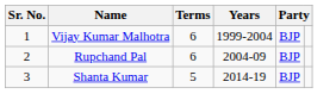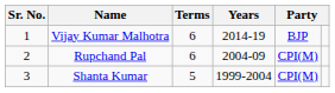 <table class="wikitable sortable">
 <tr>
 <th>Sr. No.</th>
 <th>Name</th>
 <th>Terms</th>
 <th>Years</th>
 <th colspan="2">Party</th>
 </tr>
 <tr align="center">
 <td>1</td>
 <td><a href='#'>Vijay Kumar Malhotra</a></td>
 <td>6</td>
-<td>1999-2004</td>
+<td>2014-19</td>
 <td><a href='#'>BJP</a></td>
 <td width="3px"></td>
 </tr>
 <tr align="center">
 <td>2</td>
 <td><a href='#'>Rupchand Pal</a></td>
 <td>6</td>
 <td>2004-09</td>
-<td rowspan="1"><a href='#'>BJP</a></td>
+<td rowspan="1"><a href='#'>CPI(M)</a></td>
 <td width="3px"></td>
 </tr>
 <tr align="center">
 <td>3</td>
 <td><a href='#'>Shanta Kumar</a></td>
 <td>5</td>
-<td>2014-19</td>
-<td rowspan="1"><a href='#'>BJP</a></td>
+<td>1999-2004</td>
+<td rowspan="1"><a href='#'>CPI(M)</a></td>
 <td width="3px"></td>
 </tr>
 </table>
